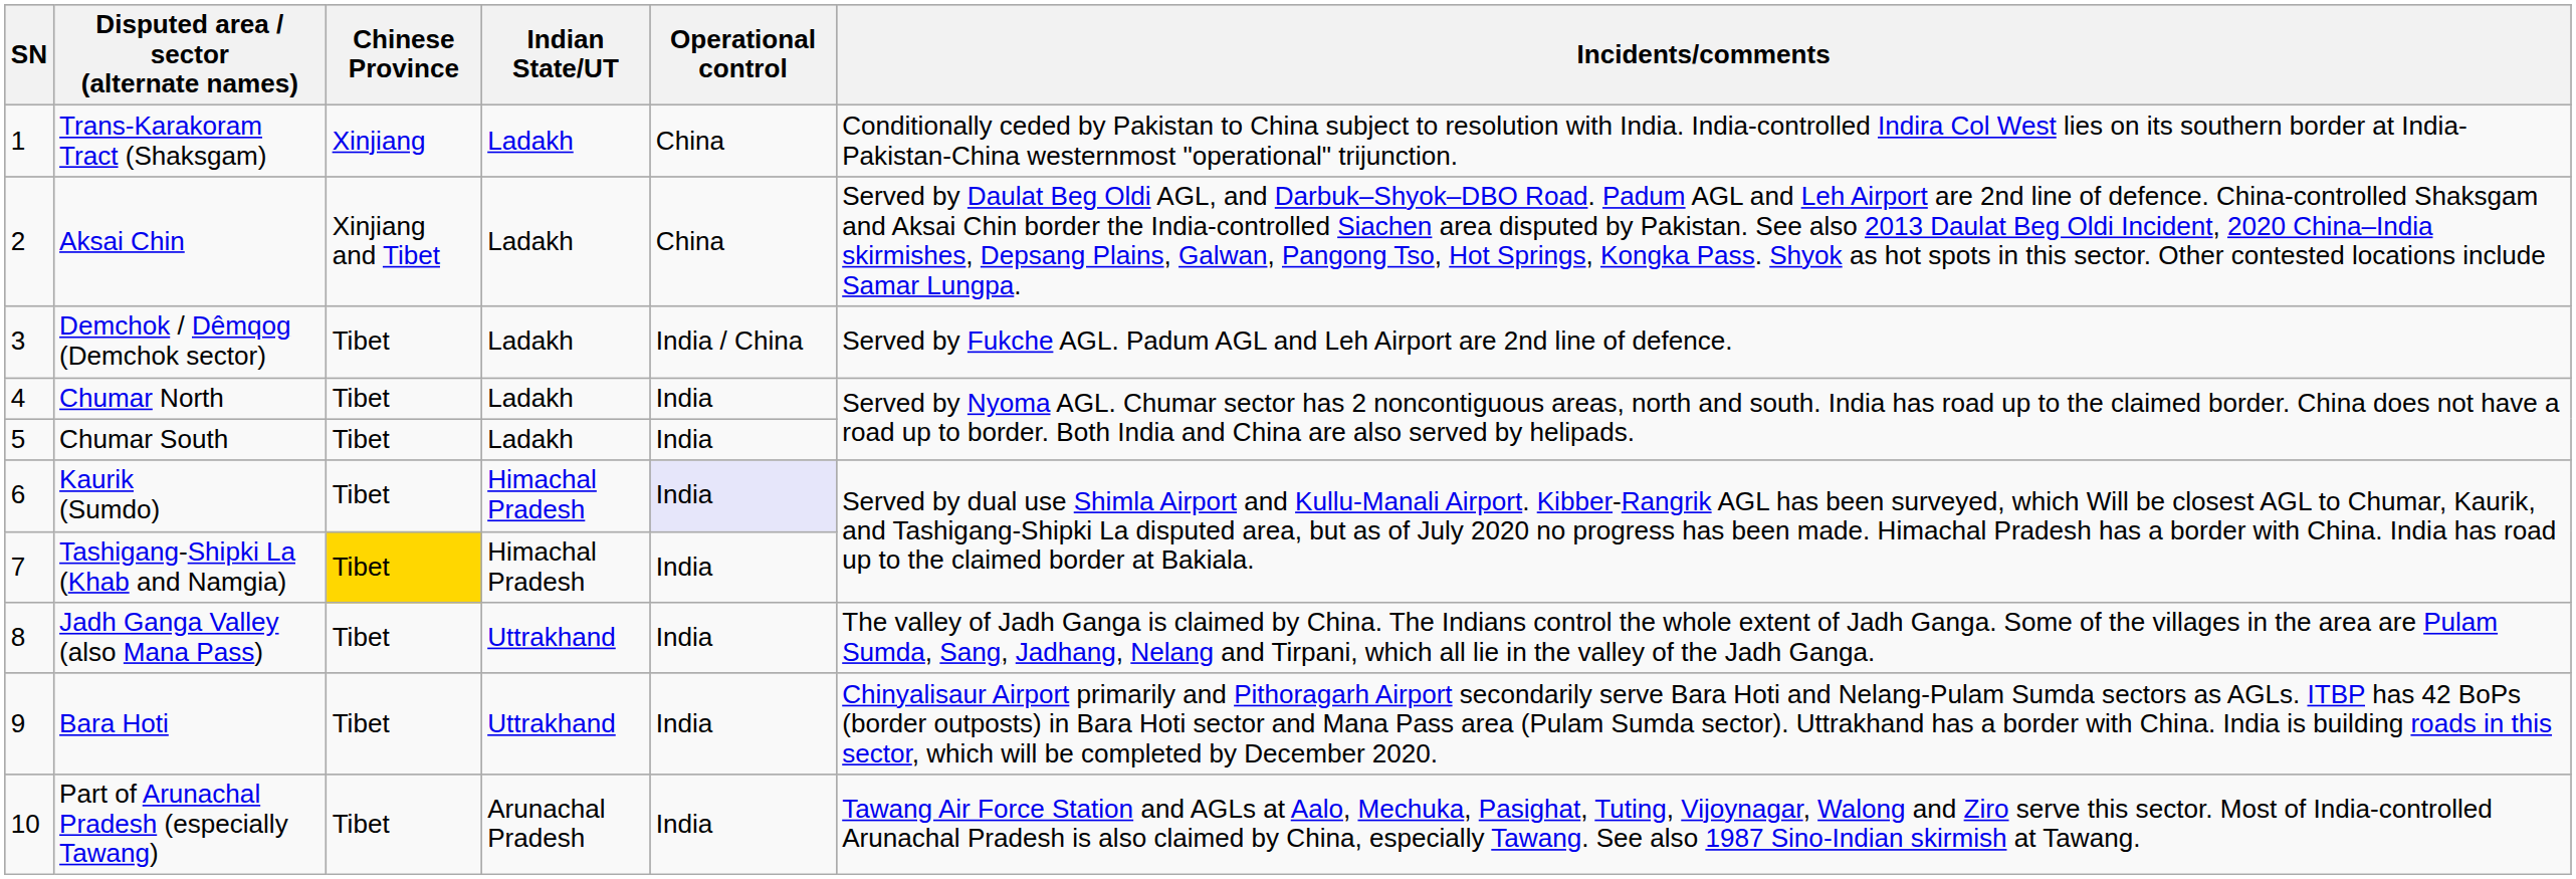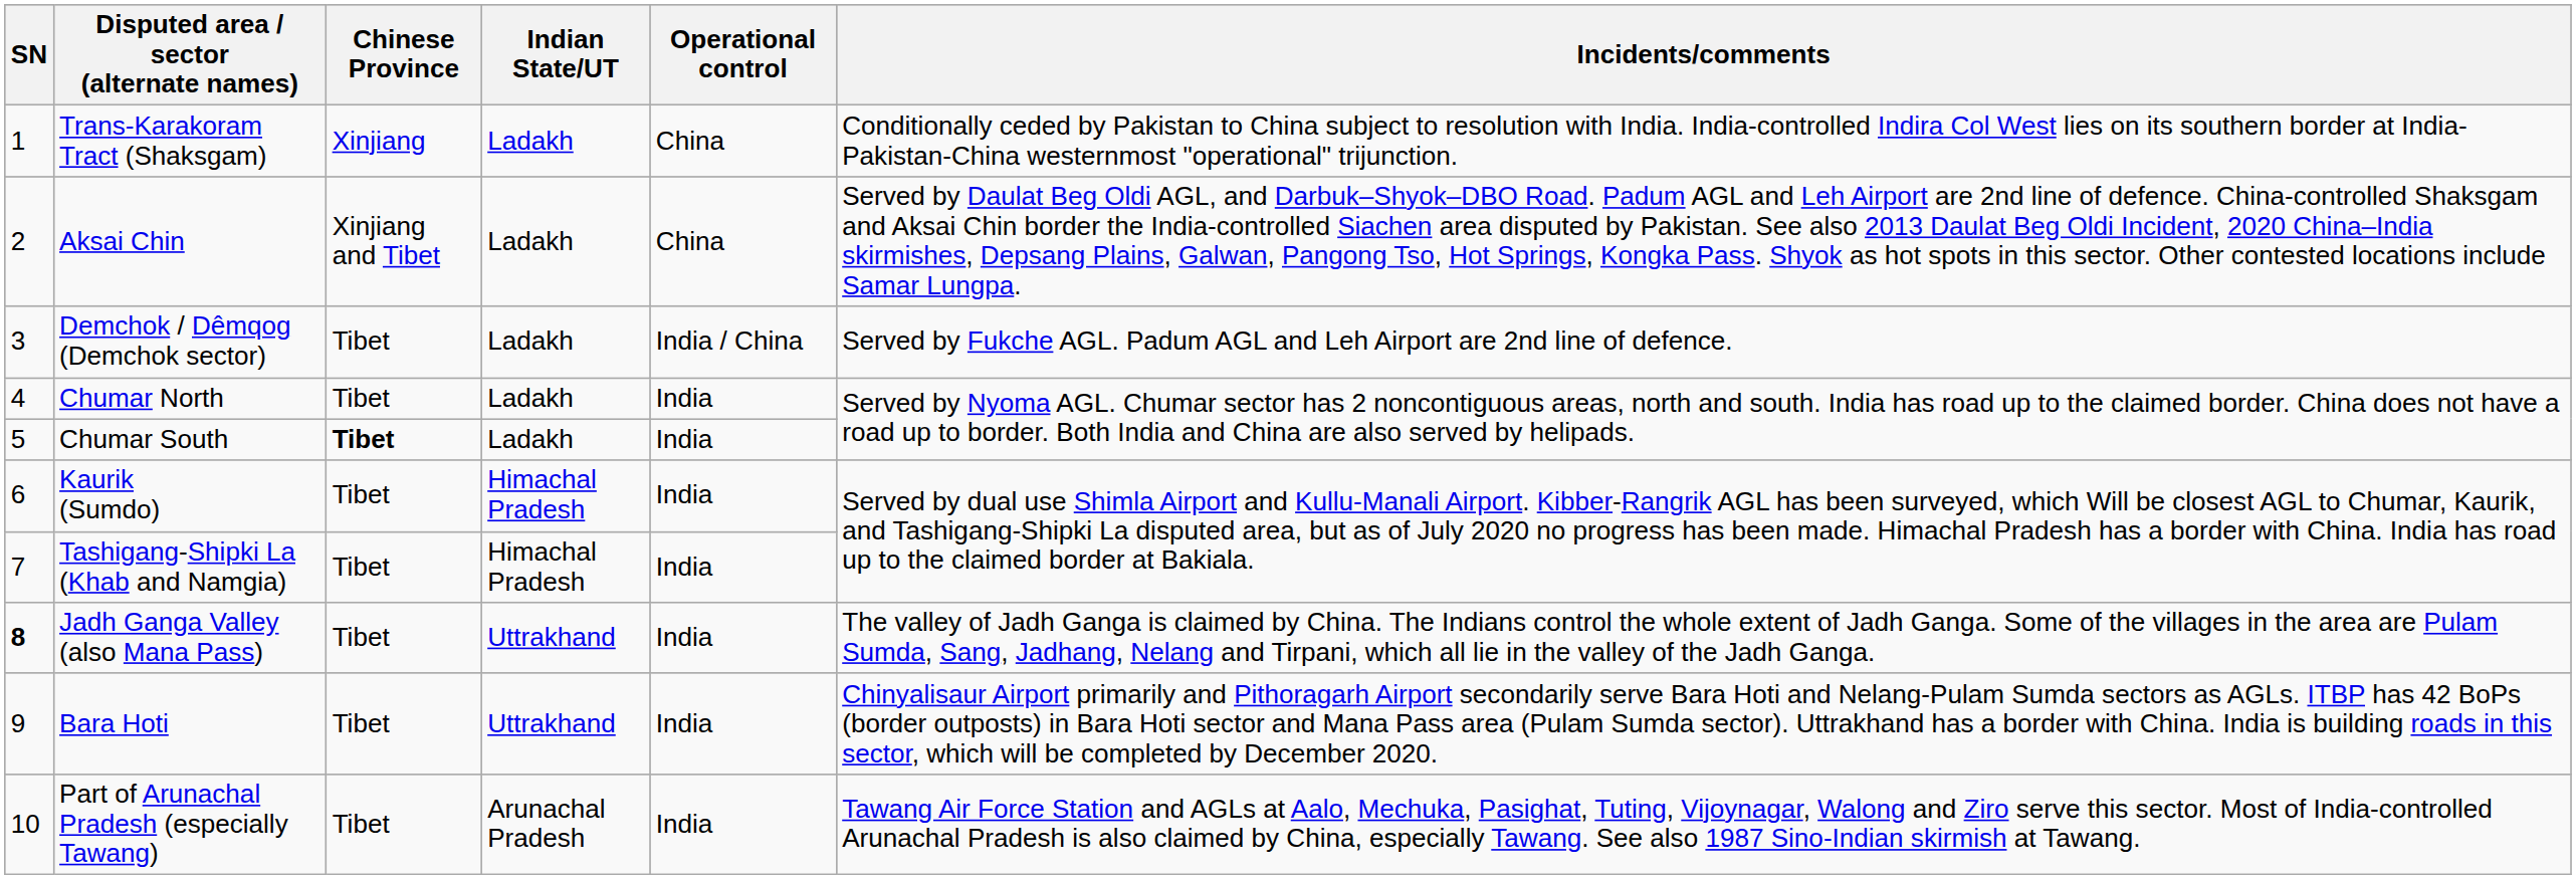 <table class="wikitable sortable">
 <tr>
 <th style="text-align:left;">SN</th>
 <th>Disputed area / sector<br>(alternate names)</th>
 <th>Chinese Province</th>
 <th>Indian State/UT</th>
 <th>Operational control</th>
 <th>Incidents/comments</th>
 </tr>
 <tr>
 <td>1</td>
 <td><a href='#'>Trans-Karakoram Tract</a> (Shaksgam)</td>
 <td><a href='#'>Xinjiang</a></td>
 <td><a href='#'>Ladakh</a></td>
 <td>China</td>
 <td>Conditionally ceded by Pakistan to China subject to resolution with India. India-controlled <a href='#'>Indira Col West</a> lies on its southern border at India-Pakistan-China westernmost "operational" trijunction.</td>
 </tr>
 <tr>
 <td>2</td>
 <td><a href='#'>Aksai Chin</a></td>
 <td>Xinjiang and <a href='#'>Tibet</a></td>
 <td>Ladakh</td>
 <td>China</td>
 <td>Served by <a href='#'>Daulat Beg Oldi</a> AGL, and <a href='#'>Darbuk–Shyok–DBO Road</a>. <a href='#'>Padum</a> AGL and <a href='#'>Leh Airport</a> are 2nd line of defence. China-controlled Shaksgam and Aksai Chin border the India-controlled <a href='#'>Siachen</a> area disputed by Pakistan. See also <a href='#'>2013 Daulat Beg Oldi Incident</a>, <a href='#'>2020 China–India skirmishes</a>, <a href='#'>Depsang Plains</a>, <a href='#'>Galwan</a>, <a href='#'>Pangong Tso</a>, <a href='#'>Hot Springs</a>, <a href='#'>Kongka Pass</a>. <a href='#'>Shyok</a> as hot spots in this sector. Other contested locations include <a href='#'>Samar Lungpa</a>.</td>
 </tr>
 <tr>
 <td>3</td>
 <td><a href='#'>Demchok</a> / <a href='#'>Dêmqog</a> (Demchok sector)</td>
 <td>Tibet</td>
 <td>Ladakh</td>
 <td>India / China</td>
 <td>Served by <a href='#'>Fukche</a> AGL. Padum AGL and Leh Airport are 2nd line of defence.</td>
 </tr>
 <tr>
 <td>4</td>
 <td><a href='#'>Chumar</a> North</td>
 <td>Tibet</td>
 <td>Ladakh</td>
 <td>India</td>
 <td rowspan=2>Served by <a href='#'>Nyoma</a> AGL. Chumar sector has 2 noncontiguous areas, north and south. India has road up to the claimed border. China does not have a road up to border. Both India and China are also served by helipads.</td>
 </tr>
 <tr>
 <td>5</td>
 <td>Chumar South</td>
-<td>Tibet</td>
+<td><strong>Tibet</strong></td>
 <td>Ladakh</td>
 <td>India</td>
 </tr>
 <tr>
 <td>6</td>
 <td><a href='#'>Kaurik</a><br>(Sumdo)</td>
 <td>Tibet</td>
 <td><a href='#'>Himachal Pradesh</a></td>
-<td style="background: lavender;">India</td>
+<td>India</td>
 <td rowspan=2>Served by dual use <a href='#'>Shimla Airport</a> and <a href='#'>Kullu-Manali Airport</a>. <a href='#'>Kibber</a>-<a href='#'>Rangrik</a> AGL has been surveyed, which Will be closest AGL to Chumar, Kaurik, and Tashigang-Shipki La disputed area, but as of July 2020 no progress has been made. Himachal Pradesh has a  border with China. India has road up to the claimed border at Bakiala.</td>
 </tr>
 <tr>
 <td>7</td>
 <td><a href='#'>Tashigang</a>-<a href='#'>Shipki La</a><br>(<a href='#'>Khab</a> and Namgia)</td>
-<td style="background: gold;">Tibet</td>
+<td>Tibet</td>
 <td>Himachal Pradesh</td>
 <td>India</td>
 </tr>
 <tr>
-<td>8</td>
+<td><strong>8</strong></td>
 <td><a href='#'>Jadh Ganga Valley</a><br>(also <a href='#'>Mana Pass</a>)</td>
 <td>Tibet</td>
 <td><a href='#'>Uttrakhand</a></td>
 <td>India</td>
 <td>The valley of Jadh Ganga is claimed by China. The Indians control the whole extent of Jadh Ganga. Some of the villages in the area are <a href='#'>Pulam Sumda</a>, <a href='#'>Sang</a>, <a href='#'>Jadhang</a>, <a href='#'>Nelang</a> and Tirpani, which all lie in the valley of the Jadh Ganga.</td>
 </tr>
 <tr>
 <td>9</td>
 <td><a href='#'>Bara Hoti</a></td>
 <td>Tibet</td>
 <td><a href='#'>Uttrakhand</a></td>
 <td>India</td>
 <td><a href='#'>Chinyalisaur Airport</a> primarily and <a href='#'>Pithoragarh Airport</a> secondarily serve Bara Hoti and Nelang-Pulam Sumda sectors as AGLs. <a href='#'>ITBP</a> has 42 BoPs (border outposts) in Bara Hoti sector and Mana Pass area (Pulam Sumda sector). Uttrakhand has a  border with China. India is building <a href='#'>roads in this sector</a>, which will be completed by December 2020.</td>
 </tr>
 <tr>
 <td>10</td>
 <td>Part of <a href='#'>Arunachal Pradesh</a> (especially <a href='#'>Tawang</a>)</td>
 <td>Tibet</td>
 <td>Arunachal Pradesh</td>
 <td>India</td>
 <td><a href='#'>Tawang Air Force Station</a> and AGLs at <a href='#'>Aalo</a>, <a href='#'>Mechuka</a>, <a href='#'>Pasighat</a>, <a href='#'>Tuting</a>, <a href='#'>Vijoynagar</a>, <a href='#'>Walong</a> and <a href='#'>Ziro</a> serve this sector. Most of India-controlled Arunachal Pradesh is also claimed by China, especially <a href='#'>Tawang</a>. See also <a href='#'>1987 Sino-Indian skirmish</a> at Tawang.</td>
 </tr>
 </table>
